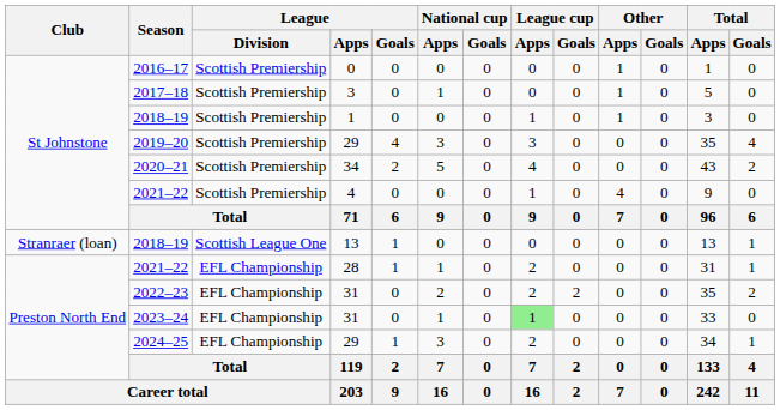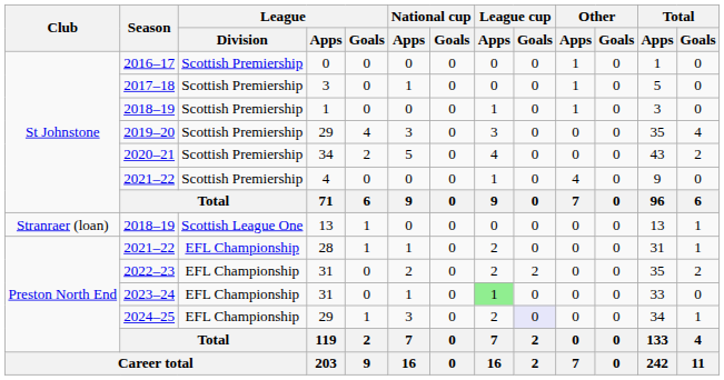 <table class=wikitable style="text-align: center">
 <tr>
 <th rowspan=2>Club</th>
 <th rowspan=2>Season</th>
 <th colspan=3>League</th>
 <th colspan=2>National cup</th>
 <th colspan=2>League cup</th>
 <th colspan=2>Other</th>
 <th colspan=2>Total</th>
 </tr>
 <tr>
 <th>Division</th>
 <th>Apps</th>
 <th>Goals</th>
 <th>Apps</th>
 <th>Goals</th>
 <th>Apps</th>
 <th>Goals</th>
 <th>Apps</th>
 <th>Goals</th>
 <th>Apps</th>
 <th>Goals</th>
 </tr>
 <tr>
 <td rowspan=7><a href='#'>St Johnstone</a></td>
 <td><a href='#'>2016–17</a></td>
 <td><a href='#'>Scottish Premiership</a></td>
 <td>0</td>
 <td>0</td>
 <td>0</td>
 <td>0</td>
 <td>0</td>
 <td>0</td>
 <td>1</td>
 <td>0</td>
 <td>1</td>
 <td>0</td>
 </tr>
 <tr>
 <td><a href='#'>2017–18</a></td>
 <td>Scottish Premiership</td>
 <td>3</td>
 <td>0</td>
 <td>1</td>
 <td>0</td>
 <td>0</td>
 <td>0</td>
 <td>1</td>
 <td>0</td>
 <td>5</td>
 <td>0</td>
 </tr>
 <tr>
 <td><a href='#'>2018–19</a></td>
 <td>Scottish Premiership</td>
 <td>1</td>
 <td>0</td>
 <td>0</td>
 <td>0</td>
 <td>1</td>
 <td>0</td>
 <td>1</td>
 <td>0</td>
 <td>3</td>
 <td>0</td>
 </tr>
 <tr>
 <td><a href='#'>2019–20</a></td>
 <td>Scottish Premiership</td>
 <td>29</td>
 <td>4</td>
 <td>3</td>
 <td>0</td>
 <td>3</td>
 <td>0</td>
 <td>0</td>
 <td>0</td>
 <td>35</td>
 <td>4</td>
 </tr>
 <tr>
 <td><a href='#'>2020–21</a></td>
 <td>Scottish Premiership</td>
 <td>34</td>
 <td>2</td>
 <td>5</td>
 <td>0</td>
 <td>4</td>
 <td>0</td>
 <td>0</td>
 <td>0</td>
 <td>43</td>
 <td>2</td>
 </tr>
 <tr>
 <td><a href='#'>2021–22</a></td>
 <td>Scottish Premiership</td>
 <td>4</td>
 <td>0</td>
 <td>0</td>
 <td>0</td>
 <td>1</td>
 <td>0</td>
 <td>4</td>
 <td>0</td>
 <td>9</td>
 <td>0</td>
 </tr>
 <tr>
 <th colspan=2>Total</th>
 <th>71</th>
 <th>6</th>
 <th>9</th>
 <th>0</th>
 <th>9</th>
 <th>0</th>
 <th>7</th>
 <th>0</th>
 <th>96</th>
 <th>6</th>
 </tr>
 <tr>
 <td><a href='#'>Stranraer</a> (loan)</td>
 <td><a href='#'>2018–19</a></td>
 <td><a href='#'>Scottish League One</a></td>
 <td>13</td>
 <td>1</td>
 <td>0</td>
 <td>0</td>
 <td>0</td>
 <td>0</td>
 <td>0</td>
 <td>0</td>
 <td>13</td>
 <td>1</td>
 </tr>
 <tr>
 <td rowspan=5><a href='#'>Preston North End</a></td>
 <td><a href='#'>2021–22</a></td>
 <td><a href='#'>EFL Championship</a></td>
 <td>28</td>
 <td>1</td>
 <td>1</td>
 <td>0</td>
 <td>2</td>
 <td>0</td>
 <td>0</td>
 <td>0</td>
 <td>31</td>
 <td>1</td>
 </tr>
 <tr>
 <td><a href='#'>2022–23</a></td>
 <td>EFL Championship</td>
 <td>31</td>
 <td>0</td>
 <td>2</td>
 <td>0</td>
 <td>2</td>
 <td>2</td>
 <td>0</td>
 <td>0</td>
 <td>35</td>
 <td>2</td>
 </tr>
 <tr>
 <td><a href='#'>2023–24</a></td>
 <td>EFL Championship</td>
 <td>31</td>
 <td>0</td>
 <td>1</td>
 <td>0</td>
 <td style="background: lightgreen;">1</td>
 <td>0</td>
 <td>0</td>
 <td>0</td>
 <td>33</td>
 <td>0</td>
 </tr>
 <tr>
 <td><a href='#'>2024–25</a></td>
 <td>EFL Championship</td>
 <td>29</td>
 <td>1</td>
 <td>3</td>
 <td>0</td>
 <td>2</td>
-<td>0</td>
+<td style="background: lavender;">0</td>
 <td>0</td>
 <td>0</td>
 <td>34</td>
 <td>1</td>
 </tr>
 <tr>
 <th colspan=2>Total</th>
 <th>119</th>
 <th>2</th>
 <th>7</th>
 <th>0</th>
 <th>7</th>
 <th>2</th>
 <th>0</th>
 <th>0</th>
 <th>133</th>
 <th>4</th>
 </tr>
 <tr>
 <th colspan=3>Career total</th>
 <th>203</th>
 <th>9</th>
 <th>16</th>
 <th>0</th>
 <th>16</th>
 <th>2</th>
 <th>7</th>
 <th>0</th>
 <th>242</th>
 <th>11</th>
 </tr>
 </table>
